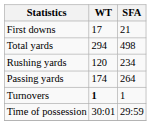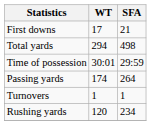 <table class="wikitable" style="float: left;">
 <tr>
 <th>Statistics</th>
 <th>WT</th>
 <th>SFA</th>
 </tr>
 <tr>
 <td>First downs</td>
 <td>17</td>
 <td>21</td>
 </tr>
 <tr>
 <td>Total yards</td>
 <td>294</td>
 <td>498</td>
 </tr>
 <tr>
-<td>Rushing yards</td>
-<td>120</td>
-<td>234</td>
+<td>Time of possession</td>
+<td>30:01</td>
+<td>29:59</td>
 </tr>
 <tr>
 <td>Passing yards</td>
 <td>174</td>
 <td>264</td>
 </tr>
 <tr>
 <td>Turnovers</td>
-<td><strong>1</strong></td>
+<td>1</td>
 <td>1</td>
 </tr>
 <tr>
-<td>Time of possession</td>
-<td>30:01</td>
-<td>29:59</td>
+<td>Rushing yards</td>
+<td>120</td>
+<td>234</td>
 </tr>
 <tr>
 </tr>
 </table>
